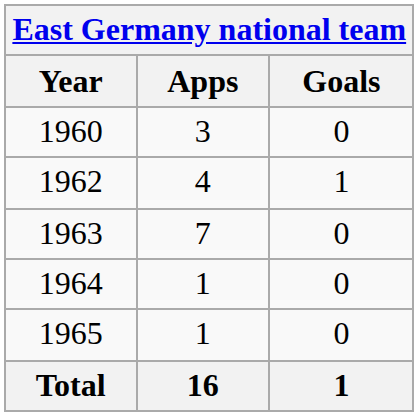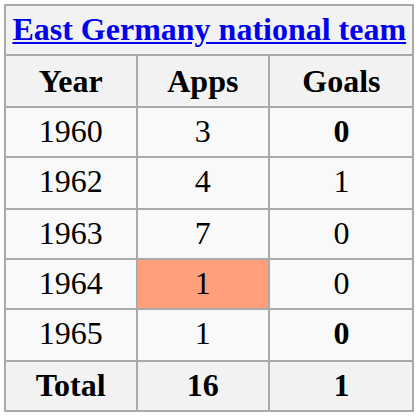 <table class="wikitable" style="text-align:center">
 <tr>
 <th colspan=3><a href='#'>East Germany national team</a></th>
 </tr>
 <tr>
 <th>Year</th>
 <th>Apps</th>
 <th>Goals</th>
 </tr>
 <tr>
 <td>1960</td>
 <td>3</td>
-<td>0</td>
+<td><strong>0</strong></td>
 </tr>
 <tr>
 <td>1962</td>
 <td>4</td>
 <td>1</td>
 </tr>
 <tr>
 <td>1963</td>
 <td>7</td>
 <td>0</td>
 </tr>
 <tr>
 <td>1964</td>
-<td>1</td>
+<td style="background: lightsalmon;">1</td>
 <td>0</td>
 </tr>
 <tr>
 <td>1965</td>
 <td>1</td>
-<td>0</td>
+<td><strong>0</strong></td>
 </tr>
 <tr>
 <th>Total</th>
 <th>16</th>
 <th>1</th>
 </tr>
 </table>
